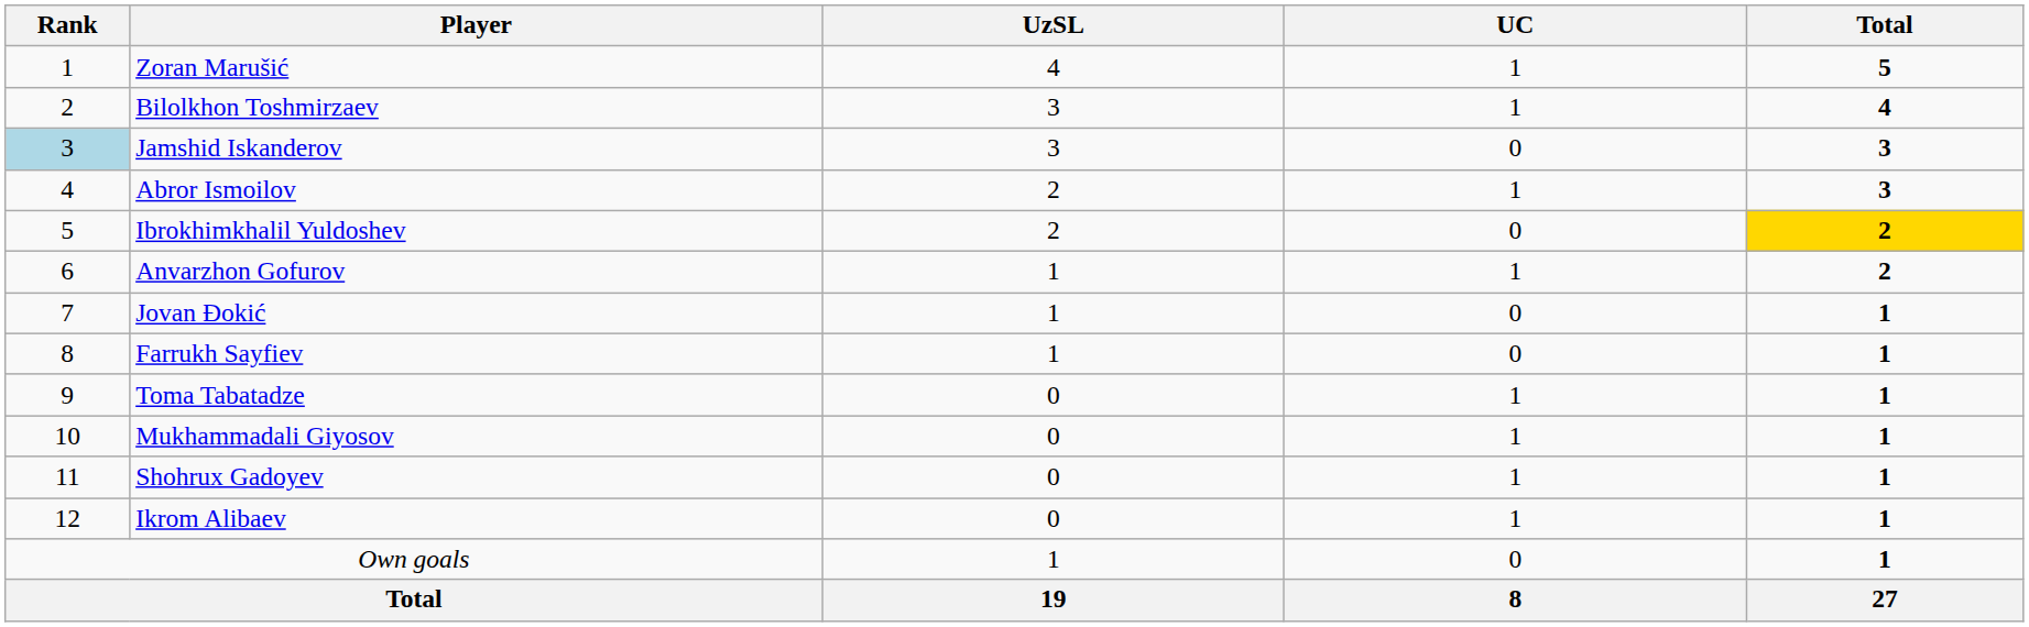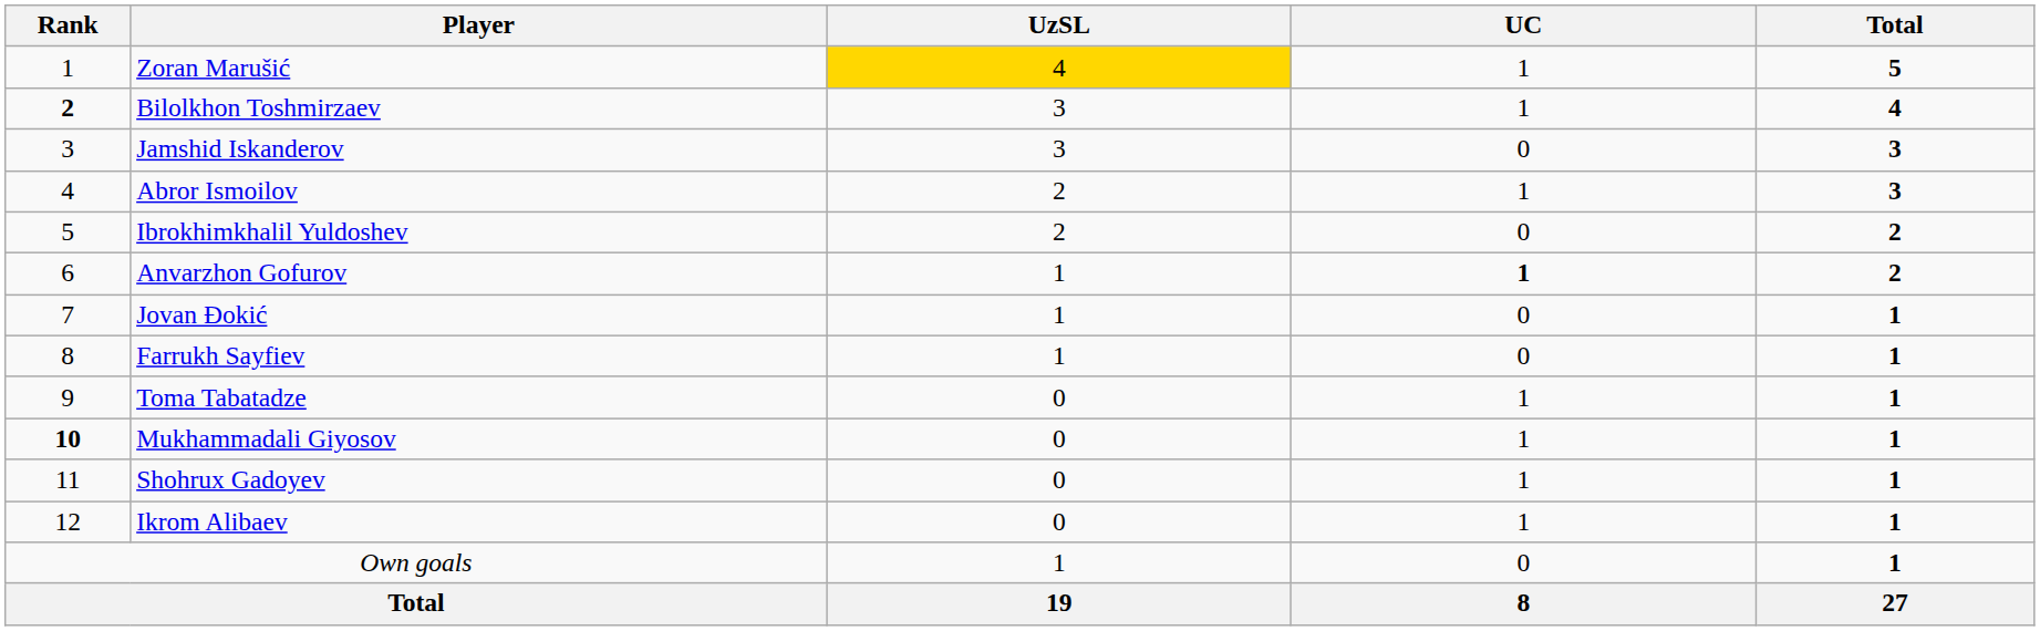 <table class="wikitable" style="text-align:center;">
 <tr>
 <th width=2%>Rank</th>
 <th width=15%>Player</th>
 <th width=10%><abbr>UzSL</abbr></th>
 <th width=10%><abbr>UC</abbr></th>
 <th width=6%>Total</th>
 </tr>
 <tr>
 <td>1</td>
 <td align=left> <a href='#'>Zoran Marušić</a></td>
-<td>4</td>
+<td style="background: gold;">4</td>
 <td>1</td>
 <td><strong>5</strong></td>
 </tr>
 <tr>
-<td>2</td>
+<td><strong>2</strong></td>
 <td align=left> <a href='#'>Bilolkhon Toshmirzaev</a></td>
 <td>3</td>
 <td>1</td>
 <td><strong>4</strong></td>
 </tr>
 <tr>
-<td style="background: lightblue;">3</td>
+<td>3</td>
 <td align=left> <a href='#'>Jamshid Iskanderov</a></td>
 <td>3</td>
 <td>0</td>
 <td><strong>3</strong></td>
 </tr>
 <tr>
 <td>4</td>
 <td align=left> <a href='#'>Abror Ismoilov</a></td>
 <td>2</td>
 <td>1</td>
 <td><strong>3</strong></td>
 </tr>
 <tr>
 <td>5</td>
 <td align=left> <a href='#'>Ibrokhimkhalil Yuldoshev</a></td>
 <td>2</td>
 <td>0</td>
-<td style="background: gold;"><strong>2</strong></td>
+<td><strong>2</strong></td>
 </tr>
 <tr>
 <td>6</td>
 <td align=left> <a href='#'>Anvarzhon Gofurov</a></td>
 <td>1</td>
-<td>1</td>
+<td><strong>1</strong></td>
 <td><strong>2</strong></td>
 </tr>
 <tr>
 <td>7</td>
 <td align=left> <a href='#'>Jovan Đokić</a></td>
 <td>1</td>
 <td>0</td>
 <td><strong>1</strong></td>
 </tr>
 <tr>
 <td>8</td>
 <td align=left> <a href='#'>Farrukh Sayfiev</a></td>
 <td>1</td>
 <td>0</td>
 <td><strong>1</strong></td>
 </tr>
 <tr>
 <td>9</td>
 <td align=left> <a href='#'>Toma Tabatadze</a></td>
 <td>0</td>
 <td>1</td>
 <td><strong>1</strong></td>
 </tr>
 <tr>
-<td>10</td>
+<td><strong>10</strong></td>
 <td align=left> <a href='#'>Mukhammadali Giyosov</a></td>
 <td>0</td>
 <td>1</td>
 <td><strong>1</strong></td>
 </tr>
 <tr>
 <td>11</td>
 <td align=left> <a href='#'>Shohrux Gadoyev</a></td>
 <td>0</td>
 <td>1</td>
 <td><strong>1</strong></td>
 </tr>
 <tr>
 <td>12</td>
 <td align=left> <a href='#'>Ikrom Alibaev</a></td>
 <td>0</td>
 <td>1</td>
 <td><strong>1</strong></td>
 </tr>
 <tr>
 <td align=center colspan=2><em>Own goals</em></td>
 <td>1</td>
 <td>0</td>
 <td><strong>1</strong></td>
 </tr>
 <tr>
 <th colspan=2>Total</th>
 <th>19</th>
 <th>8</th>
 <th>27</th>
 </tr>
 </table>
